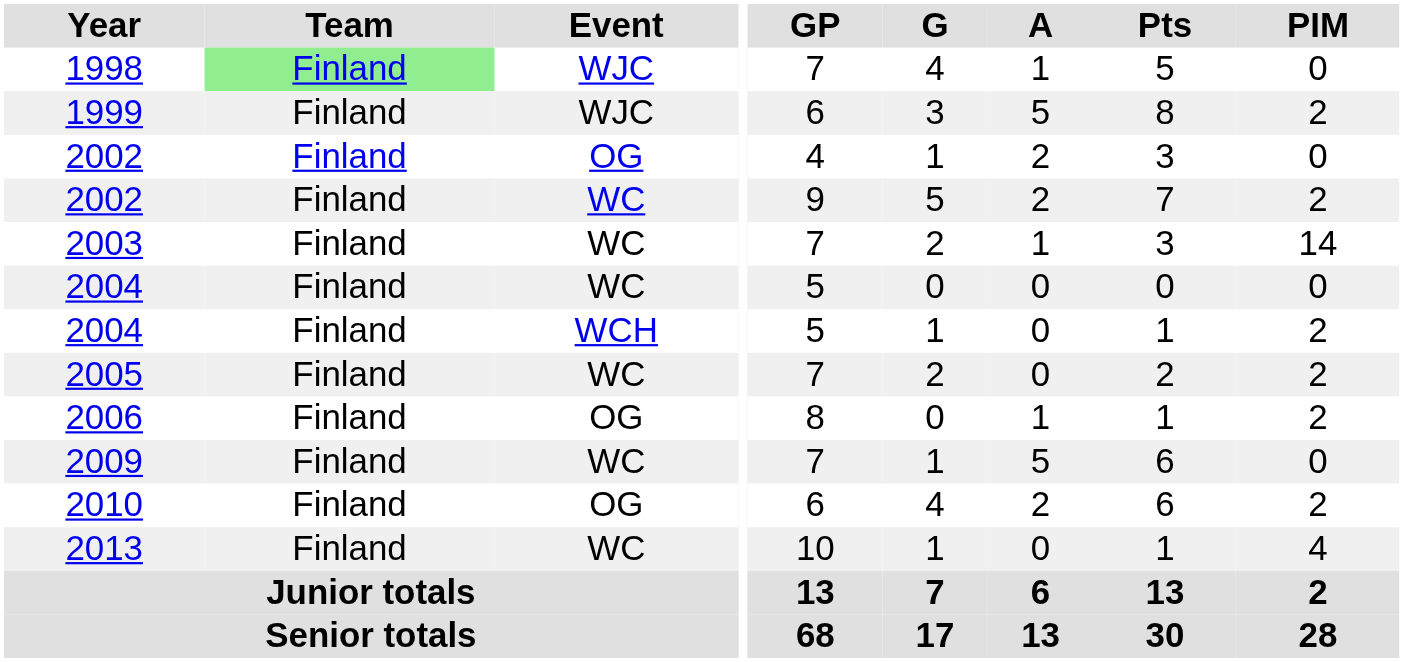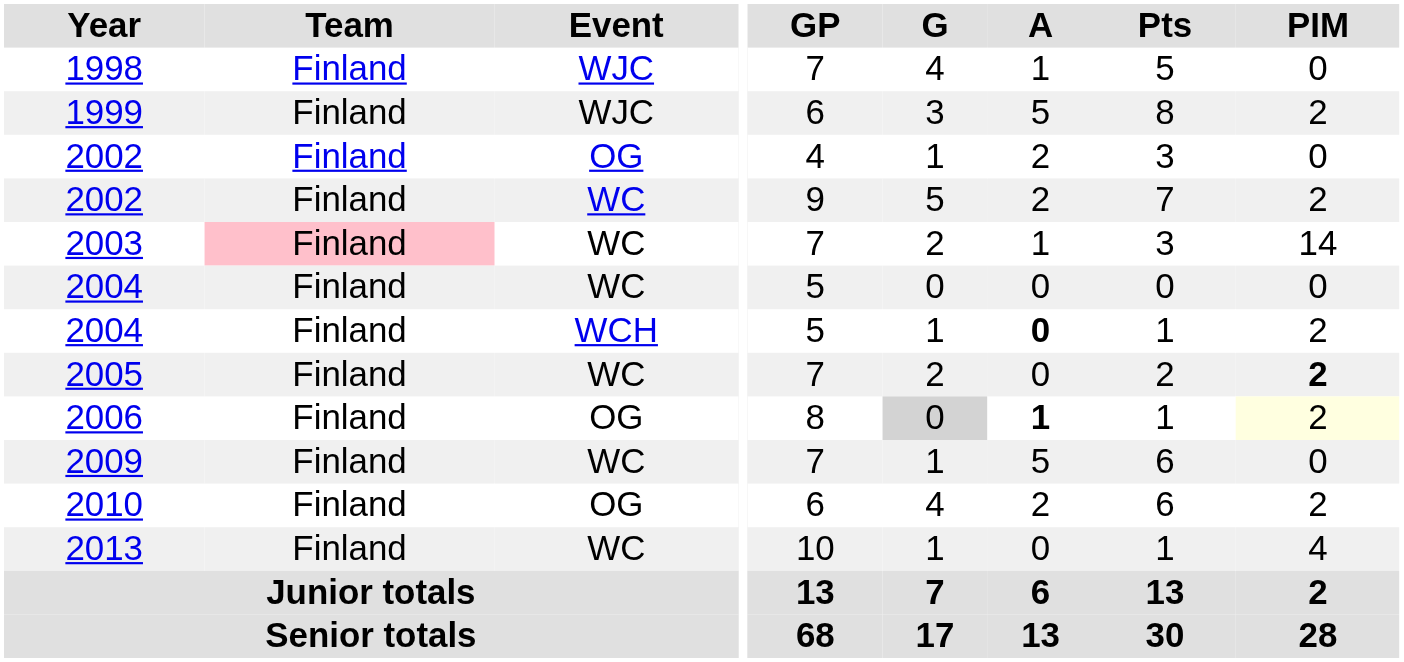 <table border="0" cellpadding="1" cellspacing="0" ID="Table3" style="text-align:center; width:40em">
 <tr ALIGN="center" bgcolor="#e0e0e0">
 <th>Year</th>
 <th>Team</th>
 <th>Event</th>
 <th rowspan="99" bgcolor="#ffffff"></th>
 <th>GP</th>
 <th>G</th>
 <th>A</th>
 <th>Pts</th>
 <th>PIM</th>
 </tr>
 <tr>
 <td><a href='#'>1998</a></td>
-<td style="background: lightgreen;"><a href='#'>Finland</a></td>
+<td><a href='#'>Finland</a></td>
 <td><a href='#'>WJC</a></td>
 <td>7</td>
 <td>4</td>
 <td>1</td>
 <td>5</td>
 <td>0</td>
 </tr>
 <tr bgcolor="#f0f0f0">
 <td><a href='#'>1999</a></td>
 <td>Finland</td>
 <td>WJC</td>
 <td>6</td>
 <td>3</td>
 <td>5</td>
 <td>8</td>
 <td>2</td>
 </tr>
 <tr>
 <td><a href='#'>2002</a></td>
 <td><a href='#'>Finland</a></td>
 <td><a href='#'>OG</a></td>
 <td>4</td>
 <td>1</td>
 <td>2</td>
 <td>3</td>
 <td>0</td>
 </tr>
 <tr bgcolor="#f0f0f0">
 <td><a href='#'>2002</a></td>
 <td>Finland</td>
 <td><a href='#'>WC</a></td>
 <td>9</td>
 <td>5</td>
 <td>2</td>
 <td>7</td>
 <td>2</td>
 </tr>
 <tr>
 <td><a href='#'>2003</a></td>
-<td>Finland</td>
+<td style="background: pink;">Finland</td>
 <td>WC</td>
 <td>7</td>
 <td>2</td>
 <td>1</td>
 <td>3</td>
 <td>14</td>
 </tr>
 <tr bgcolor="#f0f0f0">
 <td><a href='#'>2004</a></td>
 <td>Finland</td>
 <td>WC</td>
 <td>5</td>
 <td>0</td>
 <td>0</td>
 <td>0</td>
 <td>0</td>
 </tr>
 <tr>
 <td><a href='#'>2004</a></td>
 <td>Finland</td>
 <td><a href='#'>WCH</a></td>
 <td>5</td>
 <td>1</td>
-<td>0</td>
+<td><strong>0</strong></td>
 <td>1</td>
 <td>2</td>
 </tr>
 <tr bgcolor="#f0f0f0">
 <td><a href='#'>2005</a></td>
 <td>Finland</td>
 <td>WC</td>
 <td>7</td>
 <td>2</td>
 <td>0</td>
 <td>2</td>
-<td>2</td>
+<td><strong>2</strong></td>
 </tr>
 <tr>
 <td><a href='#'>2006</a></td>
 <td>Finland</td>
 <td>OG</td>
 <td>8</td>
-<td>0</td>
+<td style="background: lightgrey;">0</td>
+<td><strong>1</strong></td>
 <td>1</td>
-<td>1</td>
-<td>2</td>
+<td style="background: lightyellow;">2</td>
 </tr>
 <tr bgcolor="#f0f0f0">
 <td><a href='#'>2009</a></td>
 <td>Finland</td>
 <td>WC</td>
 <td>7</td>
 <td>1</td>
 <td>5</td>
 <td>6</td>
 <td>0</td>
 </tr>
 <tr>
 <td><a href='#'>2010</a></td>
 <td>Finland</td>
 <td>OG</td>
 <td>6</td>
 <td>4</td>
 <td>2</td>
 <td>6</td>
 <td>2</td>
 </tr>
 <tr bgcolor="#f0f0f0">
 <td><a href='#'>2013</a></td>
 <td>Finland</td>
 <td>WC</td>
 <td>10</td>
 <td>1</td>
 <td>0</td>
 <td>1</td>
 <td>4</td>
 </tr>
 <tr bgcolor="#e0e0e0">
 <th colspan="3">Junior totals</th>
 <th>13</th>
 <th>7</th>
 <th>6</th>
 <th>13</th>
 <th>2</th>
 </tr>
 <tr bgcolor="#e0e0e0">
 <th colspan="3">Senior totals</th>
 <th>68</th>
 <th>17</th>
 <th>13</th>
 <th>30</th>
 <th>28</th>
 </tr>
 </table>
